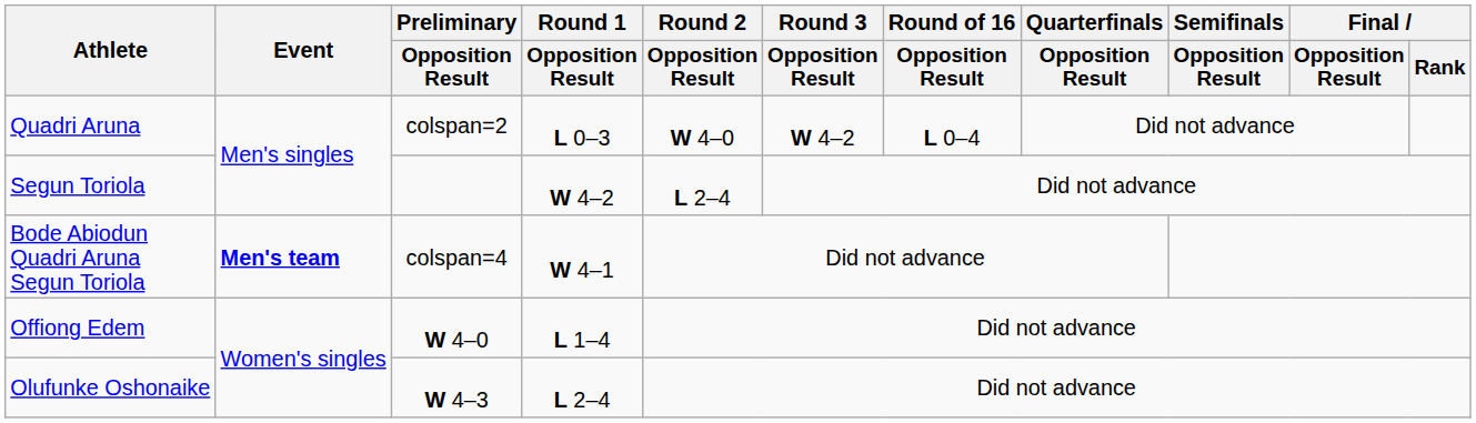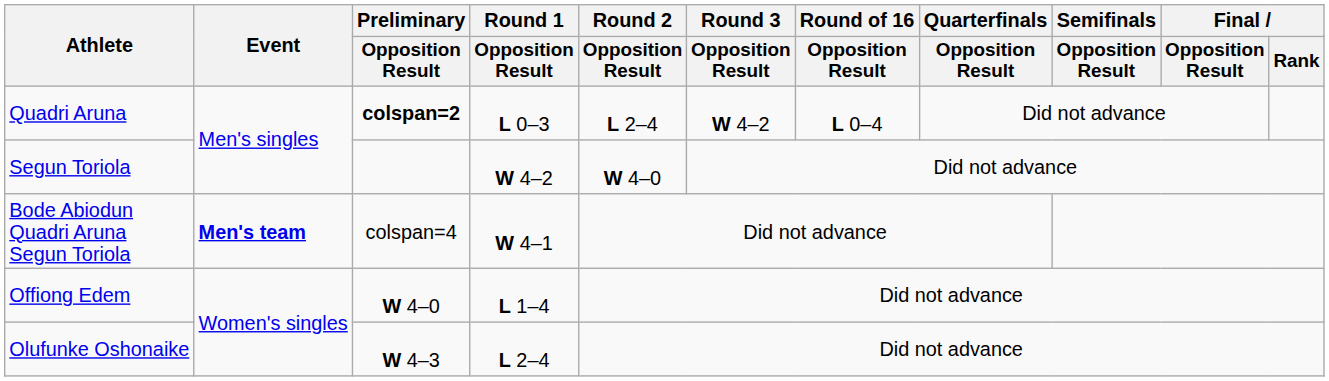 <table class="wikitable" style="font-size:90%;">
 <tr>
 <th rowspan=2>Athlete</th>
 <th rowspan=2>Event</th>
 <th>Preliminary</th>
 <th>Round 1</th>
 <th>Round 2</th>
 <th>Round 3</th>
 <th>Round of 16</th>
 <th>Quarterfinals</th>
 <th>Semifinals</th>
 <th colspan=2>Final / </th>
 </tr>
 <tr style="font-size:95%">
 <th>Opposition<br>Result</th>
 <th>Opposition<br>Result</th>
 <th>Opposition<br>Result</th>
 <th>Opposition<br>Result</th>
 <th>Opposition<br>Result</th>
 <th>Opposition<br>Result</th>
 <th>Opposition<br>Result</th>
 <th>Opposition<br>Result</th>
 <th>Rank</th>
 </tr>
 <tr align=center>
 <td align=left><a href='#'>Quadri Aruna</a></td>
 <td align=left rowspan=2><a href='#'>Men's singles</a></td>
-<td>colspan=2 </td>
+<td><strong>colspan=2 </strong></td>
 <td><br><strong>L</strong> 0–3</td>
-<td><br><strong>W</strong> 4–0</td>
+<td><br><strong>L</strong> 2–4</td>
 <td><br><strong>W</strong> 4–2</td>
 <td><br><strong>L</strong> 0–4</td>
 <td colspan=3>Did not advance</td>
 </tr>
 <tr align=center>
 <td align=left><a href='#'>Segun Toriola</a></td>
 <td></td>
 <td><br><strong>W</strong> 4–2</td>
-<td><br><strong>L</strong> 2–4</td>
+<td><br><strong>W</strong> 4–0</td>
 <td colspan=6>Did not advance</td>
 </tr>
 <tr align=center>
 <td align=left><a href='#'>Bode Abiodun</a><br><a href='#'>Quadri Aruna</a><br><a href='#'>Segun Toriola</a></td>
 <td align=left><strong><a href='#'>Men's team</a></strong></td>
 <td>colspan=4 </td>
 <td><br><strong>W</strong> 4–1</td>
 <td colspan=4>Did not advance</td>
 </tr>
 <tr align=center>
 <td align=left><a href='#'>Offiong Edem</a></td>
 <td align=left rowspan=2><a href='#'>Women's singles</a></td>
 <td><br><strong>W</strong> 4–0</td>
 <td><br><strong>L</strong> 1–4</td>
 <td colspan=7>Did not advance</td>
 </tr>
 <tr align=center>
 <td align=left><a href='#'>Olufunke Oshonaike</a></td>
 <td><br><strong>W</strong> 4–3</td>
 <td><br><strong>L</strong> 2–4</td>
 <td colspan=7>Did not advance</td>
 </tr>
 </table>
